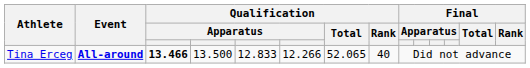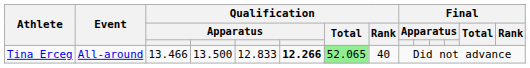 <table class="wikitable" style="font-size:90%">
 <tr>
 <th rowspan=3>Athlete</th>
 <th rowspan=3>Event</th>
 <th colspan =6>Qualification</th>
 <th colspan =6>Final</th>
 </tr>
 <tr style="font-size:95%">
 <th colspan=4>Apparatus</th>
 <th rowspan=2>Total</th>
 <th rowspan=2>Rank</th>
 <th colspan=4>Apparatus</th>
 <th rowspan=2>Total</th>
 <th rowspan=2>Rank</th>
 </tr>
 <tr style="font-size:95%">
 <th></th>
 <th></th>
 <th></th>
 <th></th>
 <th></th>
 <th></th>
 <th></th>
 <th></th>
 </tr>
 <tr align=center>
 <td align=left><a href='#'>Tina Erceg</a></td>
-<td align=left><strong><a href='#'>All-around</a></strong></td>
-<td><strong>13.466</strong></td>
+<td align=left><a href='#'>All-around</a></td>
+<td>13.466</td>
 <td>13.500</td>
 <td>12.833</td>
-<td>12.266</td>
-<td>52.065</td>
+<td><strong>12.266</strong></td>
+<td style="background: lightgreen;">52.065</td>
 <td>40</td>
 <td colspan=6>Did not advance</td>
 </tr>
 </table>
